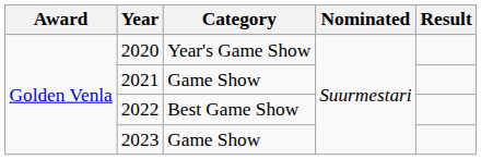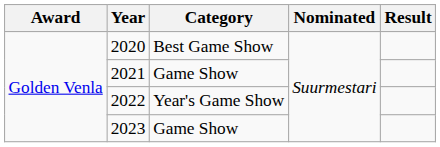 <table Class="wikitable">
 <tr>
 <th>Award</th>
 <th>Year</th>
 <th>Category</th>
 <th>Nominated</th>
 <th>Result</th>
 </tr>
 <tr>
 <td rowspan="4"><a href='#'>Golden Venla</a></td>
 <td>2020</td>
-<td>Year's Game Show</td>
+<td>Best Game Show</td>
 <td rowspan=4><em>Suurmestari</em></td>
 <td></td>
 </tr>
 <tr>
 <td>2021</td>
 <td>Game Show</td>
 <td></td>
 </tr>
 <tr>
 <td>2022</td>
-<td>Best Game Show</td>
+<td>Year's Game Show</td>
 <td></td>
 </tr>
 <tr>
 <td>2023</td>
 <td>Game Show</td>
 <td></td>
 </tr>
 </table>
